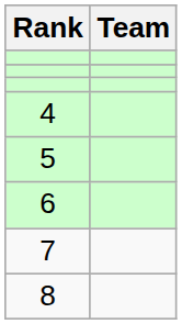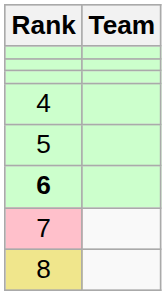 <table class="wikitable" style="text-align:center;">
 <tr>
 <th width=40>Rank</th>
 <th>Team</th>
 </tr>
 <tr bgcolor=#ccffcc>
 <td></td>
 <td style="text-align:left;"></td>
 </tr>
 <tr bgcolor=#ccffcc>
 <td></td>
 <td style="text-align:left;"></td>
 </tr>
 <tr bgcolor=#ccffcc>
 <td></td>
 <td style="text-align:left;"></td>
 </tr>
 <tr bgcolor=#ccffcc>
 <td>4</td>
 <td style="text-align:left;"></td>
 </tr>
 <tr bgcolor=#ccffcc>
 <td>5</td>
 <td style="text-align:left;"></td>
 </tr>
 <tr bgcolor=#ccffcc>
-<td>6</td>
+<td><strong>6</strong></td>
 <td style="text-align:left;"></td>
 </tr>
 <tr>
-<td>7</td>
+<td style="background: pink;">7</td>
 <td style="text-align:left;"></td>
 </tr>
 <tr>
-<td>8</td>
+<td style="background: khaki;">8</td>
 <td style="text-align:left;"></td>
 </tr>
 </table>
